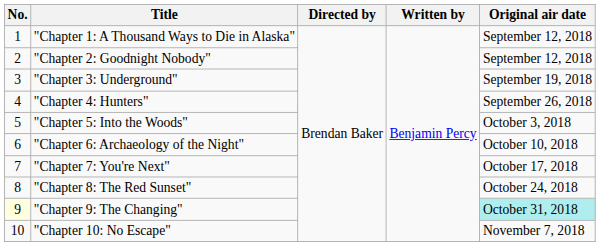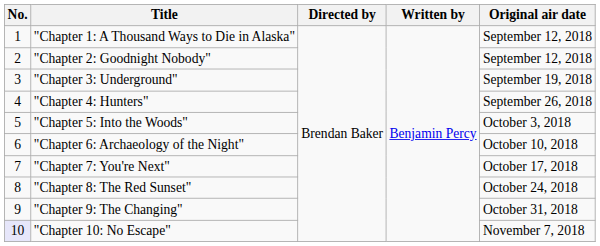 <table class="wikitable">
 <tr>
 <th>No.</th>
 <th>Title</th>
 <th>Directed by</th>
 <th>Written by</th>
 <th>Original air date</th>
 </tr>
 <tr>
 <td align=center>1</td>
 <td>"Chapter 1: A Thousand Ways to Die in Alaska"</td>
 <td rowspan=10>Brendan Baker</td>
 <td rowspan=10><a href='#'>Benjamin Percy</a></td>
 <td>September 12, 2018</td>
 </tr>
 <tr>
 <td align=center>2</td>
 <td>"Chapter 2: Goodnight Nobody"</td>
 <td>September 12, 2018</td>
 </tr>
 <tr>
 <td align=center>3</td>
 <td>"Chapter 3: Underground"</td>
 <td>September 19, 2018</td>
 </tr>
 <tr>
 <td align=center>4</td>
 <td>"Chapter 4: Hunters"</td>
 <td>September 26, 2018</td>
 </tr>
 <tr>
 <td align=center>5</td>
 <td>"Chapter 5: Into the Woods"</td>
 <td>October 3, 2018</td>
 </tr>
 <tr>
 <td align=center>6</td>
 <td>"Chapter 6: Archaeology of the Night"</td>
 <td>October 10, 2018</td>
 </tr>
 <tr>
 <td align=center>7</td>
 <td>"Chapter 7: You're Next"</td>
 <td>October 17, 2018</td>
 </tr>
 <tr>
 <td align=center>8</td>
 <td>"Chapter 8: The Red Sunset"</td>
 <td>October 24, 2018</td>
 </tr>
 <tr>
-<td align=center style="background: lightyellow;">9</td>
+<td align=center>9</td>
 <td>"Chapter 9: The Changing"</td>
-<td style="background: paleturquoise;">October 31, 2018</td>
+<td>October 31, 2018</td>
 </tr>
 <tr>
-<td align=center>10</td>
+<td align=center style="background: lavender;">10</td>
 <td>"Chapter 10: No Escape"</td>
 <td>November 7, 2018</td>
 </tr>
 </table>
